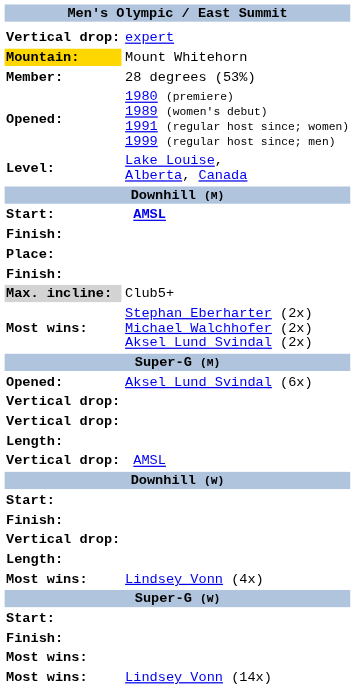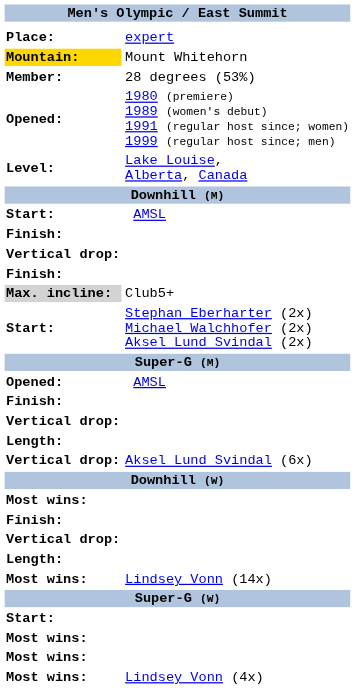 <table border=0 class="toccolours float-right" align="right" style="margin:0 0 0.5em 1em; font-size: 85%;">
 <tr>
 <th bgcolor=#b0c4de colspan=2 align="center">Men's Olympic / East Summit</th>
 </tr>
 <tr>
 <td align="center" colspan=2></td>
 </tr>
 <tr>
-<td><strong>Vertical drop:</strong></td>
+<td><strong>Place:</strong></td>
 <td> <a href='#'>expert</a></td>
 </tr>
 <tr>
 <td style="background: gold;"><strong>Mountain:</strong></td>
 <td>Mount Whitehorn</td>
 </tr>
 <tr>
 <td><strong>Member:</strong></td>
 <td>28 degrees (53%)</td>
 </tr>
 <tr>
 <td><strong>Opened:</strong></td>
 <td><a href='#'>1980</a> <small>(premiere)</small><br><a href='#'>1989</a> <small>(women's debut)</small><br><a href='#'>1991</a> <small>(regular host since; women)</small><br><a href='#'>1999</a> <small>(regular host since; men)</small></td>
 </tr>
 <tr>
 <td><strong>Level:</strong></td>
 <td> <a href='#'>Lake Louise</a>,<br><a href='#'>Alberta</a>, <a href='#'>Canada</a></td>
 </tr>
 <tr>
 <th bgcolor=#b0c4de colspan=2 align="center">Downhill <small>(M)</small></th>
 </tr>
 <tr>
 <td><strong>Start:</strong></td>
-<td><strong>  <a href='#'>AMSL</a></strong></td>
+<td>  <a href='#'>AMSL</a></td>
 </tr>
 <tr>
 <td><strong>Finish:</strong></td>
 <td></td>
 </tr>
 <tr>
-<td><strong>Place:</strong></td>
+<td><strong>Vertical drop:</strong></td>
 <td></td>
 </tr>
 <tr>
 <td><strong>Finish:</strong></td>
 <td></td>
 </tr>
 <tr>
 <td style="background: lightgrey;"><strong>Max. incline:</strong></td>
 <td>Club5+</td>
 </tr>
 <tr>
-<td><strong>Most wins:</strong></td>
+<td><strong>Start:</strong></td>
 <td> <a href='#'>Stephan Eberharter</a> (2x)<br> <a href='#'>Michael Walchhofer</a> (2x)<br> <a href='#'>Aksel Lund Svindal</a> (2x)</td>
 </tr>
 <tr>
 <th bgcolor=#b0c4de colspan=2 align="center">Super-G <small>(M)</small></th>
 </tr>
 <tr>
 <td><strong>Opened:</strong></td>
-<td> <a href='#'>Aksel Lund Svindal</a> (6x)</td>
+<td>  <a href='#'>AMSL</a></td>
 </tr>
 <tr>
-<td><strong>Vertical drop:</strong></td>
+<td><strong>Finish:</strong></td>
 <td></td>
 </tr>
 <tr>
 <td><strong>Vertical drop:</strong></td>
 <td></td>
 </tr>
 <tr>
 <td><strong>Length:</strong></td>
 <td></td>
 </tr>
 <tr>
 <td><strong>Vertical drop:</strong></td>
-<td>  <a href='#'>AMSL</a></td>
+<td> <a href='#'>Aksel Lund Svindal</a> (6x)</td>
 </tr>
 <tr>
 <th bgcolor=#b0c4de colspan=2 align="center">Downhill <small>(W)</small></th>
 </tr>
 <tr>
-<td><strong>Start:</strong></td>
+<td><strong>Most wins:</strong></td>
 <td></td>
 </tr>
 <tr>
 <td><strong>Finish:</strong></td>
 <td></td>
 </tr>
 <tr>
 <td><strong>Vertical drop:</strong></td>
 <td></td>
 </tr>
 <tr>
 <td><strong>Length:</strong></td>
 <td></td>
 </tr>
 <tr>
 <td><strong>Most wins:</strong></td>
-<td> <a href='#'>Lindsey Vonn</a> (4x)</td>
+<td> <a href='#'>Lindsey Vonn</a> (14x)</td>
 </tr>
 <tr>
 <th bgcolor=#b0c4de colspan=2 align="center">Super-G <small>(W)</small></th>
 </tr>
 <tr>
 <td><strong>Start:</strong></td>
 <td></td>
 </tr>
 <tr>
-<td><strong>Finish:</strong></td>
+<td><strong>Most wins:</strong></td>
 <td></td>
 </tr>
 <tr>
 <td><strong>Most wins:</strong></td>
 <td></td>
 </tr>
 <tr>
 <td><strong>Most wins:</strong></td>
-<td> <a href='#'>Lindsey Vonn</a> (14x)</td>
+<td> <a href='#'>Lindsey Vonn</a> (4x)</td>
 </tr>
 </table>
